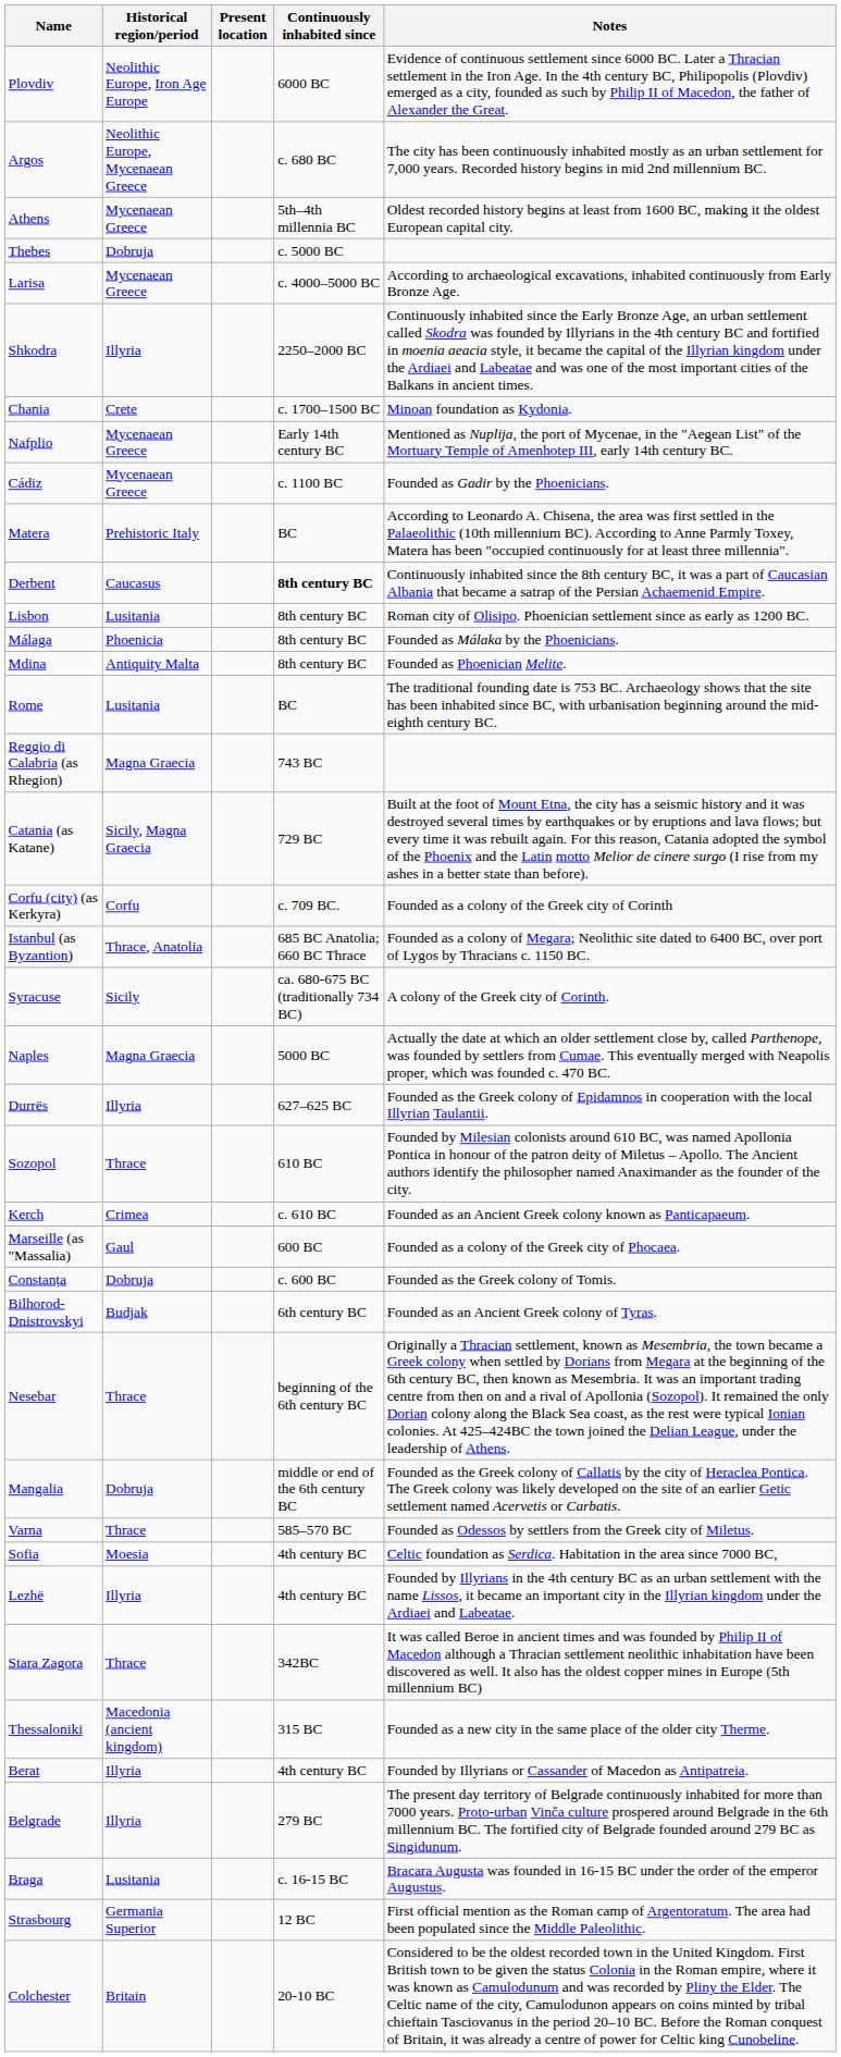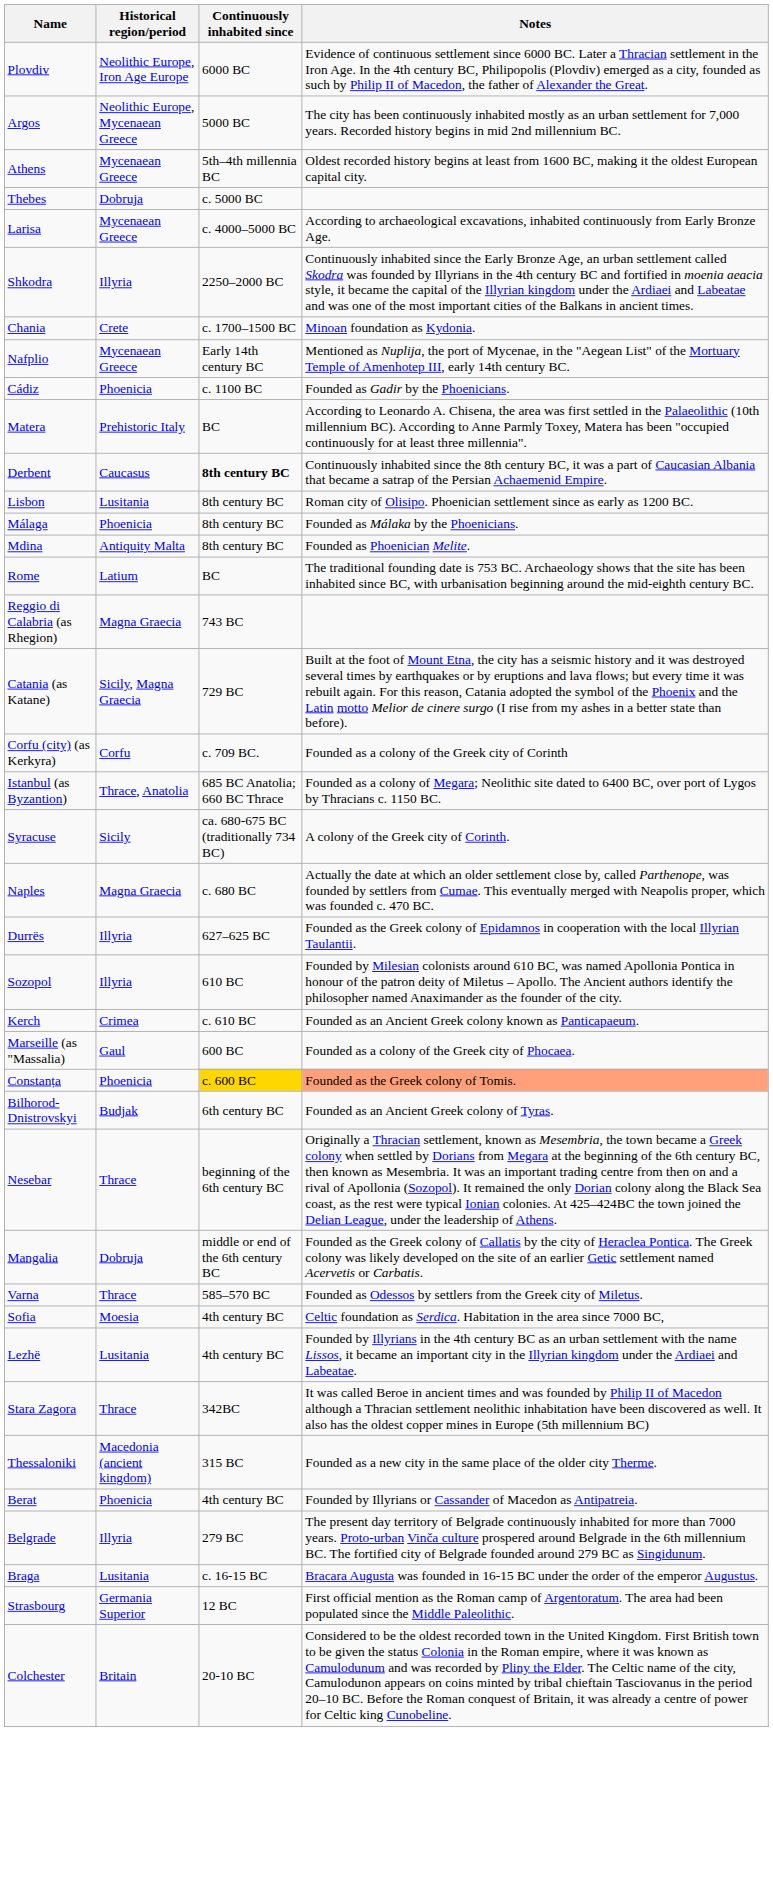 <table class="wikitable sortable" style="font-size:95%">
 <tr>
 <th>Name</th>
 <th>Historical region/period</th>
-<th>Present location</th>
 <th data-sort-type="number">Continuously<br>inhabited since</th>
 <th class="unsortable">Notes</th>
 </tr>
 <tr>
 <td><a href='#'>Plovdiv</a></td>
 <td><a href='#'>Neolithic Europe</a>, <a href='#'>Iron Age Europe</a></td>
-<td></td>
 <td>6000 BC</td>
 <td>Evidence of continuous settlement since 6000 BC. Later a <a href='#'>Thracian</a> settlement in the Iron Age. In the 4th century BC, Philipopolis (Plovdiv) emerged as a city, founded as such by <a href='#'>Philip II of Macedon</a>, the father of <a href='#'>Alexander the Great</a>.</td>
 </tr>
 <tr>
 <td><a href='#'>Argos</a></td>
 <td><a href='#'>Neolithic Europe</a>, <a href='#'>Mycenaean Greece</a></td>
-<td></td>
-<td data-sort-value="-680">c. 680 BC</td>
+<td data-sort-value=>5000 BC</td>
 <td>The city has been continuously inhabited mostly as an urban settlement for 7,000 years. Recorded history begins in mid 2nd millennium BC.</td>
 </tr>
 <tr>
 <td><a href='#'>Athens</a></td>
 <td><a href='#'>Mycenaean Greece</a></td>
-<td></td>
 <td data-sort-value="-4000">5th–4th millennia BC</td>
 <td>Oldest recorded history begins at least from 1600 BC, making it the oldest European capital city.</td>
 </tr>
 <tr>
 <td><a href='#'>Thebes</a></td>
 <td><a href='#'>Dobruja</a></td>
-<td></td>
 <td data-sort-value="-3000">c. 5000 BC</td>
 <td></td>
 </tr>
 <tr>
 <td><a href='#'>Larisa</a></td>
 <td><a href='#'>Mycenaean Greece</a></td>
-<td></td>
 <td data-sort-value="-4000">c. 4000–5000 BC</td>
 <td>According to archaeological excavations, inhabited continuously from Early Bronze Age.</td>
 </tr>
 <tr>
 <td><a href='#'>Shkodra</a></td>
 <td><a href='#'>Illyria</a></td>
-<td></td>
 <td data-sort-value="-400">2250–2000 BC</td>
 <td>Continuously inhabited since the Early Bronze Age, an urban settlement called <em><a href='#'>Skodra</a></em> was founded by Illyrians in the 4th century BC and fortified in <em>moenia aeacia</em> style, it became the capital of the <a href='#'>Illyrian kingdom</a> under the <a href='#'>Ardiaei</a> and <a href='#'>Labeatae</a> and was one of the most important cities of the Balkans in ancient times.</td>
 </tr>
 <tr>
 <td><a href='#'>Chania</a></td>
 <td><a href='#'>Crete</a></td>
-<td></td>
 <td data-sort-value="-1700">c. 1700–1500 BC</td>
 <td><a href='#'>Minoan</a> foundation as <a href='#'>Kydonia</a>.</td>
 </tr>
 <tr>
 <td><a href='#'>Nafplio</a></td>
 <td><a href='#'>Mycenaean Greece</a></td>
-<td></td>
 <td data-sort-value="-1400 BC">Early 14th century BC</td>
 <td>Mentioned as <em>Nuplija</em>, the port of Mycenae, in the "Aegean List" of the <a href='#'>Mortuary Temple of Amenhotep III</a>, early 14th century BC.</td>
 </tr>
 <tr>
 <td><a href='#'>Cádiz</a></td>
-<td><a href='#'>Mycenaean Greece</a></td>
-<td></td>
+<td><a href='#'>Phoenicia</a></td>
 <td data-sort-value="-1100 BC">c. 1100 BC</td>
 <td>Founded as <em>Gadir</em> by the <a href='#'>Phoenicians</a>.</td>
 </tr>
 <tr>
 <td><a href='#'>Matera</a></td>
 <td><a href='#'>Prehistoric Italy</a></td>
-<td></td>
 <td data-sort-value=>BC</td>
 <td>According to Leonardo A. Chisena, the area was first settled in the <a href='#'>Palaeolithic</a> (10th millennium BC). According to Anne Parmly Toxey, Matera has been "occupied continuously for at least three millennia".</td>
 </tr>
 <tr>
 <td><a href='#'>Derbent</a></td>
 <td><a href='#'>Caucasus</a></td>
-<td></td>
 <td data-sort-value="-8th century BC"><strong>8th century BC</strong></td>
 <td>Continuously inhabited since the 8th century BC, it was a part of <a href='#'>Caucasian Albania</a> that became a satrap of the Persian <a href='#'>Achaemenid Empire</a>.</td>
 </tr>
 <tr>
 <td><a href='#'>Lisbon</a></td>
 <td><a href='#'>Lusitania</a></td>
-<td></td>
 <td data-sort-value="-800">8th century BC</td>
 <td>Roman city of <a href='#'>Olisipo</a>. Phoenician settlement since as early as 1200 BC.</td>
 </tr>
 <tr>
 <td><a href='#'>Málaga</a></td>
 <td><a href='#'>Phoenicia</a></td>
-<td></td>
 <td data-sort-value="-800">8th century BC</td>
 <td>Founded as <em>Málaka</em> by the <a href='#'>Phoenicians</a>.</td>
 </tr>
 <tr>
 <td><a href='#'>Mdina</a></td>
 <td><a href='#'>Antiquity Malta</a></td>
-<td></td>
 <td data-sort-value="-800">8th century BC</td>
 <td>Founded as <a href='#'>Phoenician</a> <em><a href='#'>Melite</a></em>.</td>
 </tr>
 <tr>
 <td><a href='#'>Rome</a></td>
-<td><a href='#'>Lusitania</a></td>
-<td></td>
+<td><a href='#'>Latium</a></td>
 <td data-sort-value="-753"> BC</td>
 <td>The traditional founding date is 753 BC. Archaeology shows that the site has been inhabited since  BC, with urbanisation beginning around the mid-eighth century BC.</td>
 </tr>
 <tr>
 <td><a href='#'>Reggio di Calabria</a> (as Rhegion)</td>
 <td><a href='#'>Magna Graecia</a></td>
-<td></td>
 <td data-sort-value="-743">743 BC</td>
 <td></td>
 </tr>
 <tr>
 <td><a href='#'>Catania</a> (as Katane)</td>
 <td><a href='#'>Sicily</a>, <a href='#'>Magna Graecia</a></td>
-<td></td>
 <td data-sort-value="-729">729 BC</td>
 <td>Built at the foot of <a href='#'>Mount Etna</a>, the city has a seismic history and it was destroyed several times by earthquakes or by eruptions and lava flows; but every time it was rebuilt again. For this reason, Catania adopted the symbol of the <a href='#'>Phoenix</a> and the <a href='#'>Latin</a> <a href='#'>motto</a> <em>Melior de cinere surgo</em> (I rise from my ashes in a better state than before).</td>
 </tr>
 <tr>
 <td><a href='#'>Corfu (city)</a> (as Kerkyra)</td>
 <td><a href='#'>Corfu</a></td>
-<td></td>
 <td data-sort-value="-709">c. 709 BC.</td>
 <td>Founded as a colony of the Greek city of Corinth</td>
 </tr>
 <tr>
 <td><a href='#'>Istanbul</a> (as <a href='#'>Byzantion</a>)</td>
 <td><a href='#'>Thrace</a>, <a href='#'>Anatolia</a></td>
-<td></td>
 <td data-sort-value="-685">685 BC Anatolia; 660 BC Thrace</td>
 <td>Founded as a colony of <a href='#'>Megara</a>; Neolithic site dated to 6400 BC, over port of Lygos by Thracians c. 1150 BC.</td>
 </tr>
 <tr>
 <td><a href='#'>Syracuse</a></td>
 <td><a href='#'>Sicily</a></td>
-<td></td>
 <td data-sort-value="-680">ca. 680-675 BC (traditionally 734 BC)</td>
 <td>A colony of the Greek city of <a href='#'>Corinth</a>.</td>
 </tr>
 <tr>
 <td><a href='#'>Naples</a></td>
 <td><a href='#'>Magna Graecia</a></td>
-<td></td>
-<td data-sort-value=>5000 BC</td>
+<td data-sort-value="-680">c. 680 BC</td>
 <td>Actually the date at which an older settlement close by, called <em>Parthenope</em>, was founded by settlers from <a href='#'>Cumae</a>. This eventually merged with Neapolis proper, which was founded c. 470 BC.</td>
 </tr>
 <tr>
 <td><a href='#'>Durrës</a></td>
 <td><a href='#'>Illyria</a></td>
-<td></td>
 <td data-sort-value="-627">627–625 BC</td>
 <td>Founded as the Greek colony of <a href='#'>Epidamnos</a> in cooperation with the local <a href='#'>Illyrian</a> <a href='#'>Taulantii</a>.</td>
 </tr>
 <tr>
 <td><a href='#'>Sozopol</a></td>
-<td><a href='#'>Thrace</a></td>
-<td></td>
+<td><a href='#'>Illyria</a></td>
 <td data-sort-value="-610">610 BC</td>
 <td>Founded by <a href='#'>Milesian</a> colonists around 610 BC, was named Apollonia Pontica in honour of the patron deity of Miletus – Apollo. The Ancient authors identify the philosopher named Anaximander as the founder of the city.</td>
 </tr>
 <tr>
 <td><a href='#'>Kerch</a></td>
 <td><a href='#'>Crimea</a></td>
-<td></td>
 <td data-sort-value="-1000">c. 610 BC</td>
 <td>Founded as an Ancient Greek colony known as <a href='#'>Panticapaeum</a>.</td>
 </tr>
 <tr>
 <td><a href='#'>Marseille</a> (as "Massalia)</td>
 <td><a href='#'>Gaul</a></td>
-<td></td>
 <td data-sort-value="-600">600 BC</td>
 <td>Founded as a colony of the Greek city of <a href='#'>Phocaea</a>.</td>
 </tr>
 <tr>
 <td><a href='#'>Constanța</a></td>
-<td><a href='#'>Dobruja</a></td>
-<td></td>
-<td data-sort-value="-600">c. 600 BC</td>
-<td>Founded as the Greek colony of Tomis.</td>
+<td><a href='#'>Phoenicia</a></td>
+<td data-sort-value="-600" style="background: gold;">c. 600 BC</td>
+<td style="background: lightsalmon;">Founded as the Greek colony of Tomis.</td>
 </tr>
 <tr>
 <td><a href='#'>Bilhorod-Dnistrovskyi</a></td>
 <td><a href='#'>Budjak</a></td>
-<td></td>
 <td>6th century BC</td>
 <td>Founded as an Ancient Greek colony of <a href='#'>Tyras</a>.</td>
 </tr>
 <tr>
 <td><a href='#'>Nesebar</a></td>
 <td><a href='#'>Thrace</a></td>
-<td></td>
 <td data-sort-value="-585">beginning of the 6th century BC</td>
 <td>Originally a <a href='#'>Thracian</a> settlement, known as <em>Mesembria</em>, the town became a <a href='#'>Greek colony</a> when settled by <a href='#'>Dorians</a> from <a href='#'>Megara</a> at the beginning of the 6th century BC, then known as Mesembria. It was an important trading centre from then on and a rival of Apollonia (<a href='#'>Sozopol</a>). It remained the only <a href='#'>Dorian</a> colony along the Black Sea coast, as the rest were typical <a href='#'>Ionian</a> colonies. At 425–424BC the town joined the <a href='#'>Delian League</a>, under the leadership of <a href='#'>Athens</a>.</td>
 </tr>
 <tr>
 <td><a href='#'>Mangalia</a></td>
 <td><a href='#'>Dobruja</a></td>
-<td></td>
 <td data-sort-value="-600">middle or end of the 6th century BC</td>
 <td>Founded as the Greek colony of <a href='#'>Callatis</a> by the city of <a href='#'>Heraclea Pontica</a>. The Greek colony was likely developed on the site of an earlier <a href='#'>Getic</a> settlement named <em>Acervetis</em> or <em>Carbatis</em>.</td>
 </tr>
 <tr>
 <td><a href='#'>Varna</a></td>
 <td><a href='#'>Thrace</a></td>
-<td></td>
 <td data-sort-value="-585">585–570 BC</td>
 <td>Founded as <a href='#'>Odessos</a> by settlers from the Greek city of <a href='#'>Miletus</a>.</td>
 </tr>
 <tr>
 <td><a href='#'>Sofia</a></td>
 <td><a href='#'>Moesia</a></td>
-<td></td>
 <td data-sort-value="-400">4th century BC</td>
 <td><a href='#'>Celtic</a> foundation as <em><a href='#'>Serdica</a></em>. Habitation in the area since 7000 BC,</td>
 </tr>
 <tr>
 <td><a href='#'>Lezhë</a></td>
-<td><a href='#'>Illyria</a></td>
-<td></td>
+<td><a href='#'>Lusitania</a></td>
 <td data-sort-value="-400">4th century BC</td>
 <td>Founded by <a href='#'>Illyrians</a> in the 4th century BC as an urban settlement with the name <em><a href='#'>Lissos</a></em>, it became an important city in the <a href='#'>Illyrian kingdom</a> under the <a href='#'>Ardiaei</a> and <a href='#'>Labeatae</a>.</td>
 </tr>
 <tr>
 <td><a href='#'>Stara Zagora</a></td>
 <td><a href='#'>Thrace</a></td>
-<td></td>
 <td data-sort-value="-342">342BC</td>
 <td>It was called Beroe in ancient times and was founded by <a href='#'>Philip II of Macedon</a> although a Thracian settlement neolithic inhabitation have been discovered as well. It also has the oldest copper mines in Europe (5th millennium BC)</td>
 </tr>
 <tr>
 <td><a href='#'>Thessaloniki</a></td>
 <td><a href='#'>Macedonia (ancient kingdom)</a></td>
-<td></td>
 <td data-sort-value="-315">315 BC</td>
 <td>Founded as a new city in the same place of the older city <a href='#'>Therme</a>.</td>
 </tr>
 <tr>
 <td><a href='#'>Berat</a></td>
-<td><a href='#'>Illyria</a></td>
-<td></td>
+<td><a href='#'>Phoenicia</a></td>
 <td data-sort-value="-314">4th century BC</td>
 <td>Founded by Illyrians or <a href='#'>Cassander</a> of Macedon as <a href='#'>Antipatreia</a>.</td>
 </tr>
 <tr>
 <td><a href='#'>Belgrade</a></td>
 <td><a href='#'>Illyria</a></td>
-<td></td>
 <td data-sort-value="-279">279 BC</td>
 <td>The present day territory of Belgrade continuously inhabited for more than 7000 years. <a href='#'>Proto-urban</a> <a href='#'>Vinča culture</a> prospered around Belgrade in the 6th millennium BC. The fortified city of Belgrade founded around 279 BC as <a href='#'>Singidunum</a>.</td>
 </tr>
 <tr>
 <td><a href='#'>Braga</a></td>
 <td><a href='#'>Lusitania</a></td>
-<td></td>
 <td data-sort-value="-16">c. 16-15 BC</td>
 <td><a href='#'>Bracara Augusta</a> was founded in 16-15 BC under the order of the emperor <a href='#'>Augustus</a>.</td>
 </tr>
 <tr>
 <td><a href='#'>Strasbourg</a></td>
 <td><a href='#'>Germania Superior</a></td>
-<td></td>
 <td data-sort-value="-12">12 BC</td>
 <td>First official mention as the Roman camp of <a href='#'>Argentoratum</a>. The area had been populated since the <a href='#'>Middle Paleolithic</a>.</td>
 </tr>
 <tr>
 <td><a href='#'>Colchester</a></td>
 <td><a href='#'>Britain</a></td>
-<td></td>
 <td data-sort-value="-1000">20-10 BC</td>
 <td>Considered to be the oldest recorded town in the United Kingdom. First British town to be given the status <a href='#'>Colonia</a> in the Roman empire, where it was known as <a href='#'>Camulodunum</a> and was recorded by <a href='#'>Pliny the Elder</a>. The Celtic name of the city, Camulodunon appears on coins minted by tribal chieftain Tasciovanus in the period 20–10 BC. Before the Roman conquest of Britain, it was already a centre of power for Celtic king <a href='#'>Cunobeline</a>.</td>
 </tr>
 </table>
